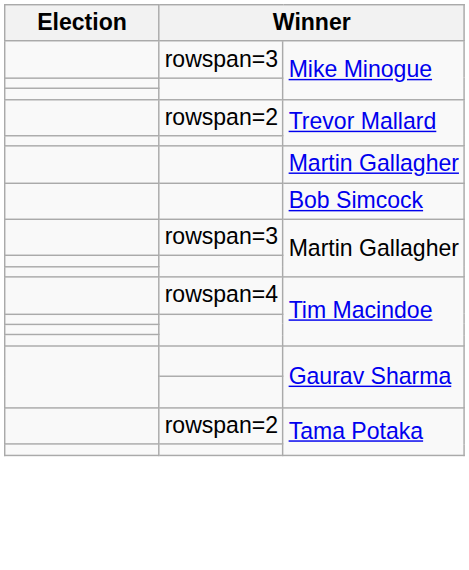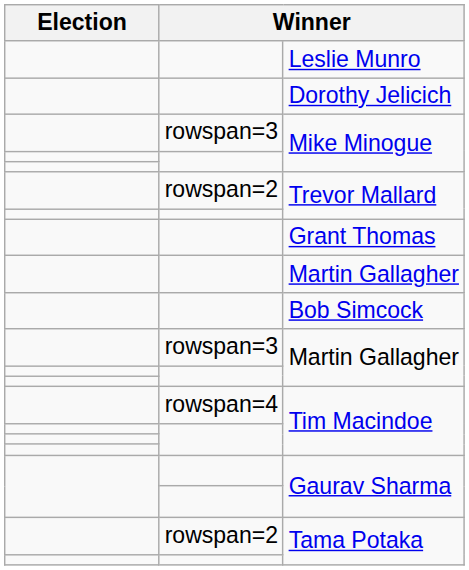 <table class=wikitable>
 <tr>
 <th width=100>Election</th>
 <th width=175 colspan=2>Winner</th>
+</tr>
+<tr>
+<td></td>
+<td></td>
+<td><a href='#'>Leslie Munro</a></td>
+</tr>
+<tr>
+<td></td>
+<td></td>
+<td><a href='#'>Dorothy Jelicich</a></td>
 </tr>
 <tr>
 <td></td>
 <td>rowspan=3 </td>
 <td rowspan=3><a href='#'>Mike Minogue</a></td>
 </tr>
 <tr>
 <td></td>
 </tr>
 <tr>
 <td></td>
 </tr>
 <tr>
 <td></td>
 <td>rowspan=2 </td>
 <td rowspan=2><a href='#'>Trevor Mallard</a></td>
 </tr>
 <tr>
 <td></td>
+</tr>
+<tr>
+<td></td>
+<td></td>
+<td><a href='#'>Grant Thomas</a></td>
 </tr>
 <tr>
 <td></td>
 <td></td>
 <td><a href='#'>Martin Gallagher</a></td>
 </tr>
 <tr>
 <td></td>
 <td></td>
 <td><a href='#'>Bob Simcock</a></td>
 </tr>
 <tr>
 <td></td>
 <td>rowspan=3 </td>
 <td rowspan=3>Martin Gallagher</td>
 </tr>
 <tr>
 <td></td>
 </tr>
 <tr>
 <td></td>
 </tr>
 <tr>
 <td></td>
 <td>rowspan=4 </td>
 <td rowspan=4><a href='#'>Tim Macindoe</a></td>
 </tr>
 <tr>
 <td></td>
 </tr>
 <tr>
 <td></td>
 </tr>
 <tr>
 <td></td>
 </tr>
 <tr>
 <td rowspan=2 height=36></td>
 <td></td>
 <td rowspan=2><a href='#'>Gaurav Sharma</a></td>
 </tr>
 <tr>
 <td></td>
 </tr>
 <tr>
 <td></td>
 <td>rowspan=2 </td>
 <td rowspan=2><a href='#'>Tama Potaka</a></td>
 </tr>
 <tr>
 <td></td>
 </tr>
 </table>
